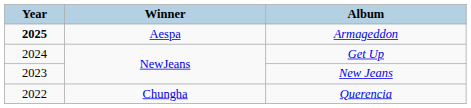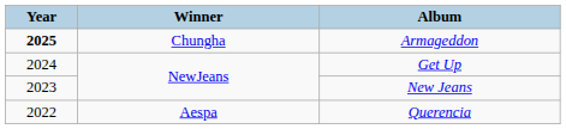 <table class="wikitable" style="text-align: center">
 <tr>
 <th width="70" style="background:#b3d1e3;">Year</th>
 <th width="250" style="background:#b3d1e3;">Winner</th>
 <th width="250" style="background:#b3d1e3;">Album</th>
 </tr>
 <tr>
 <td><strong>2025</strong></td>
-<td><a href='#'>Aespa</a></td>
+<td><a href='#'>Chungha</a></td>
 <td><em><a href='#'>Armageddon</a></em></td>
 </tr>
 <tr>
 <td>2024</td>
 <td rowspan="2"><a href='#'>NewJeans</a></td>
 <td><em><a href='#'>Get Up</a></em></td>
 </tr>
 <tr>
 <td>2023</td>
 <td><em><a href='#'>New Jeans</a></em></td>
 </tr>
 <tr>
 <td>2022</td>
-<td><a href='#'>Chungha</a></td>
+<td><a href='#'>Aespa</a></td>
 <td><em><a href='#'>Querencia</a></em></td>
 </tr>
 </table>
